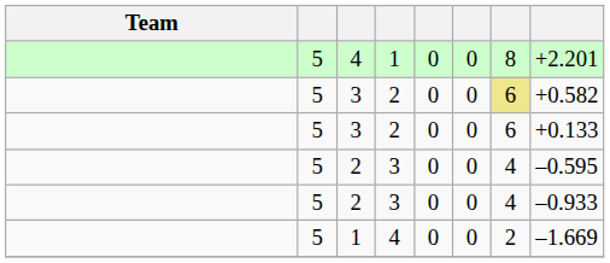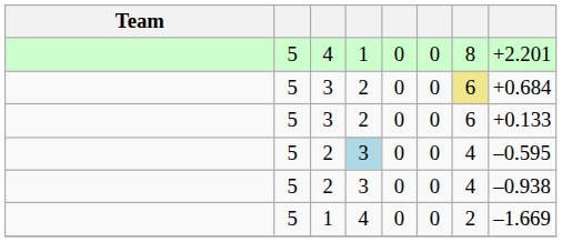 <table class="wikitable" style="text-align:center">
 <tr>
 <th width=200>Team</th>
 <th width=20></th>
 <th width=20></th>
 <th width=20></th>
 <th width=20></th>
 <th width=20></th>
 <th width=20></th>
 <th width=45></th>
 </tr>
 <tr style="background:#cfc;">
 <td align="left"></td>
 <td>5</td>
 <td>4</td>
 <td>1</td>
 <td>0</td>
 <td>0</td>
 <td>8</td>
 <td>+2.201</td>
 </tr>
 <tr>
 <td align="left"></td>
 <td>5</td>
 <td>3</td>
 <td>2</td>
 <td>0</td>
 <td>0</td>
 <td style="background: khaki;">6</td>
-<td>+0.582</td>
+<td>+0.684</td>
 </tr>
 <tr>
 <td align="left"></td>
 <td>5</td>
 <td>3</td>
 <td>2</td>
 <td>0</td>
 <td>0</td>
 <td>6</td>
 <td>+0.133</td>
 </tr>
 <tr>
 <td align="left"></td>
 <td>5</td>
 <td>2</td>
-<td>3</td>
+<td style="background: lightblue;">3</td>
 <td>0</td>
 <td>0</td>
 <td>4</td>
 <td>–0.595</td>
 </tr>
 <tr>
 <td align="left"></td>
 <td>5</td>
 <td>2</td>
 <td>3</td>
 <td>0</td>
 <td>0</td>
 <td>4</td>
-<td>–0.933</td>
+<td>–0.938</td>
 </tr>
 <tr>
 <td align="left"></td>
 <td>5</td>
 <td>1</td>
 <td>4</td>
 <td>0</td>
 <td>0</td>
 <td>2</td>
 <td>–1.669</td>
 </tr>
 <tr>
 </tr>
 </table>
